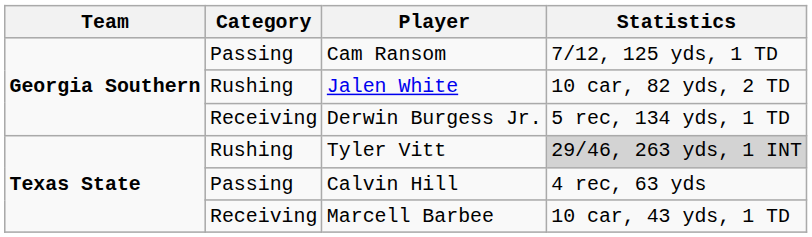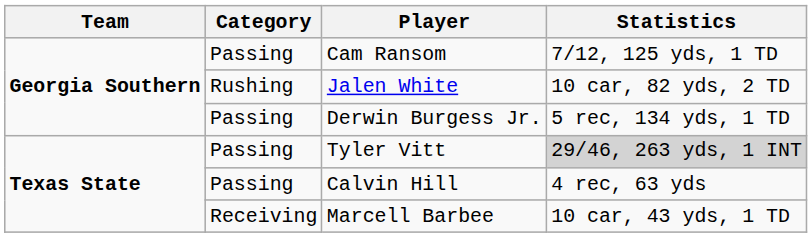 <table class="wikitable" style="float: left;">
 <tr>
 <th>Team</th>
 <th>Category</th>
 <th>Player</th>
 <th>Statistics</th>
 </tr>
 <tr>
 <td rowspan=3><strong>Georgia Southern</strong></td>
 <td>Passing</td>
 <td>Cam Ransom</td>
 <td>7/12, 125 yds, 1 TD</td>
 </tr>
 <tr>
 <td>Rushing</td>
 <td><a href='#'>Jalen White</a></td>
 <td>10 car, 82 yds, 2 TD</td>
 </tr>
 <tr>
-<td>Receiving</td>
+<td>Passing</td>
 <td>Derwin Burgess Jr.</td>
 <td>5 rec, 134 yds, 1 TD</td>
 </tr>
 <tr>
 <td rowspan=3><strong>Texas State</strong></td>
-<td>Rushing</td>
+<td>Passing</td>
 <td>Tyler Vitt</td>
 <td style="background: lightgrey;">29/46, 263 yds, 1 INT</td>
 </tr>
 <tr>
 <td>Passing</td>
 <td>Calvin Hill</td>
 <td>4 rec, 63 yds</td>
 </tr>
 <tr>
 <td>Receiving</td>
 <td>Marcell Barbee</td>
 <td>10 car, 43 yds, 1 TD</td>
 </tr>
 </table>
